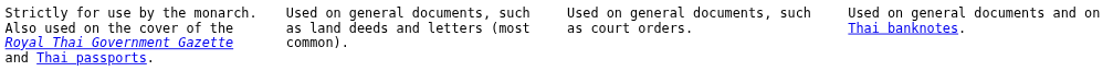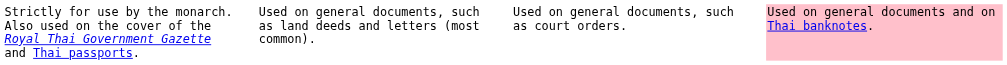 <table cellspacing=20 style="margin-left: auto; margin-right: auto; border: none; width: 90%;">
 <tr>
 <th width=25%></th>
 <th width=25%></th>
 <th width=25%></th>
 <th width=25%></th>
 </tr>
 <tr style="vertical-align: top;">
 <td>Strictly for use by the monarch. Also used on the cover of the <em><a href='#'>Royal Thai Government Gazette</a></em> and <a href='#'>Thai passports</a>.</td>
 <td>Used on general documents, such as land deeds and letters (most common).</td>
 <td>Used on general documents, such as court orders.</td>
-<td>Used on general documents and on <a href='#'>Thai banknotes</a>.</td>
+<td style="background: pink;">Used on general documents and on <a href='#'>Thai banknotes</a>.</td>
 </tr>
 </table>
